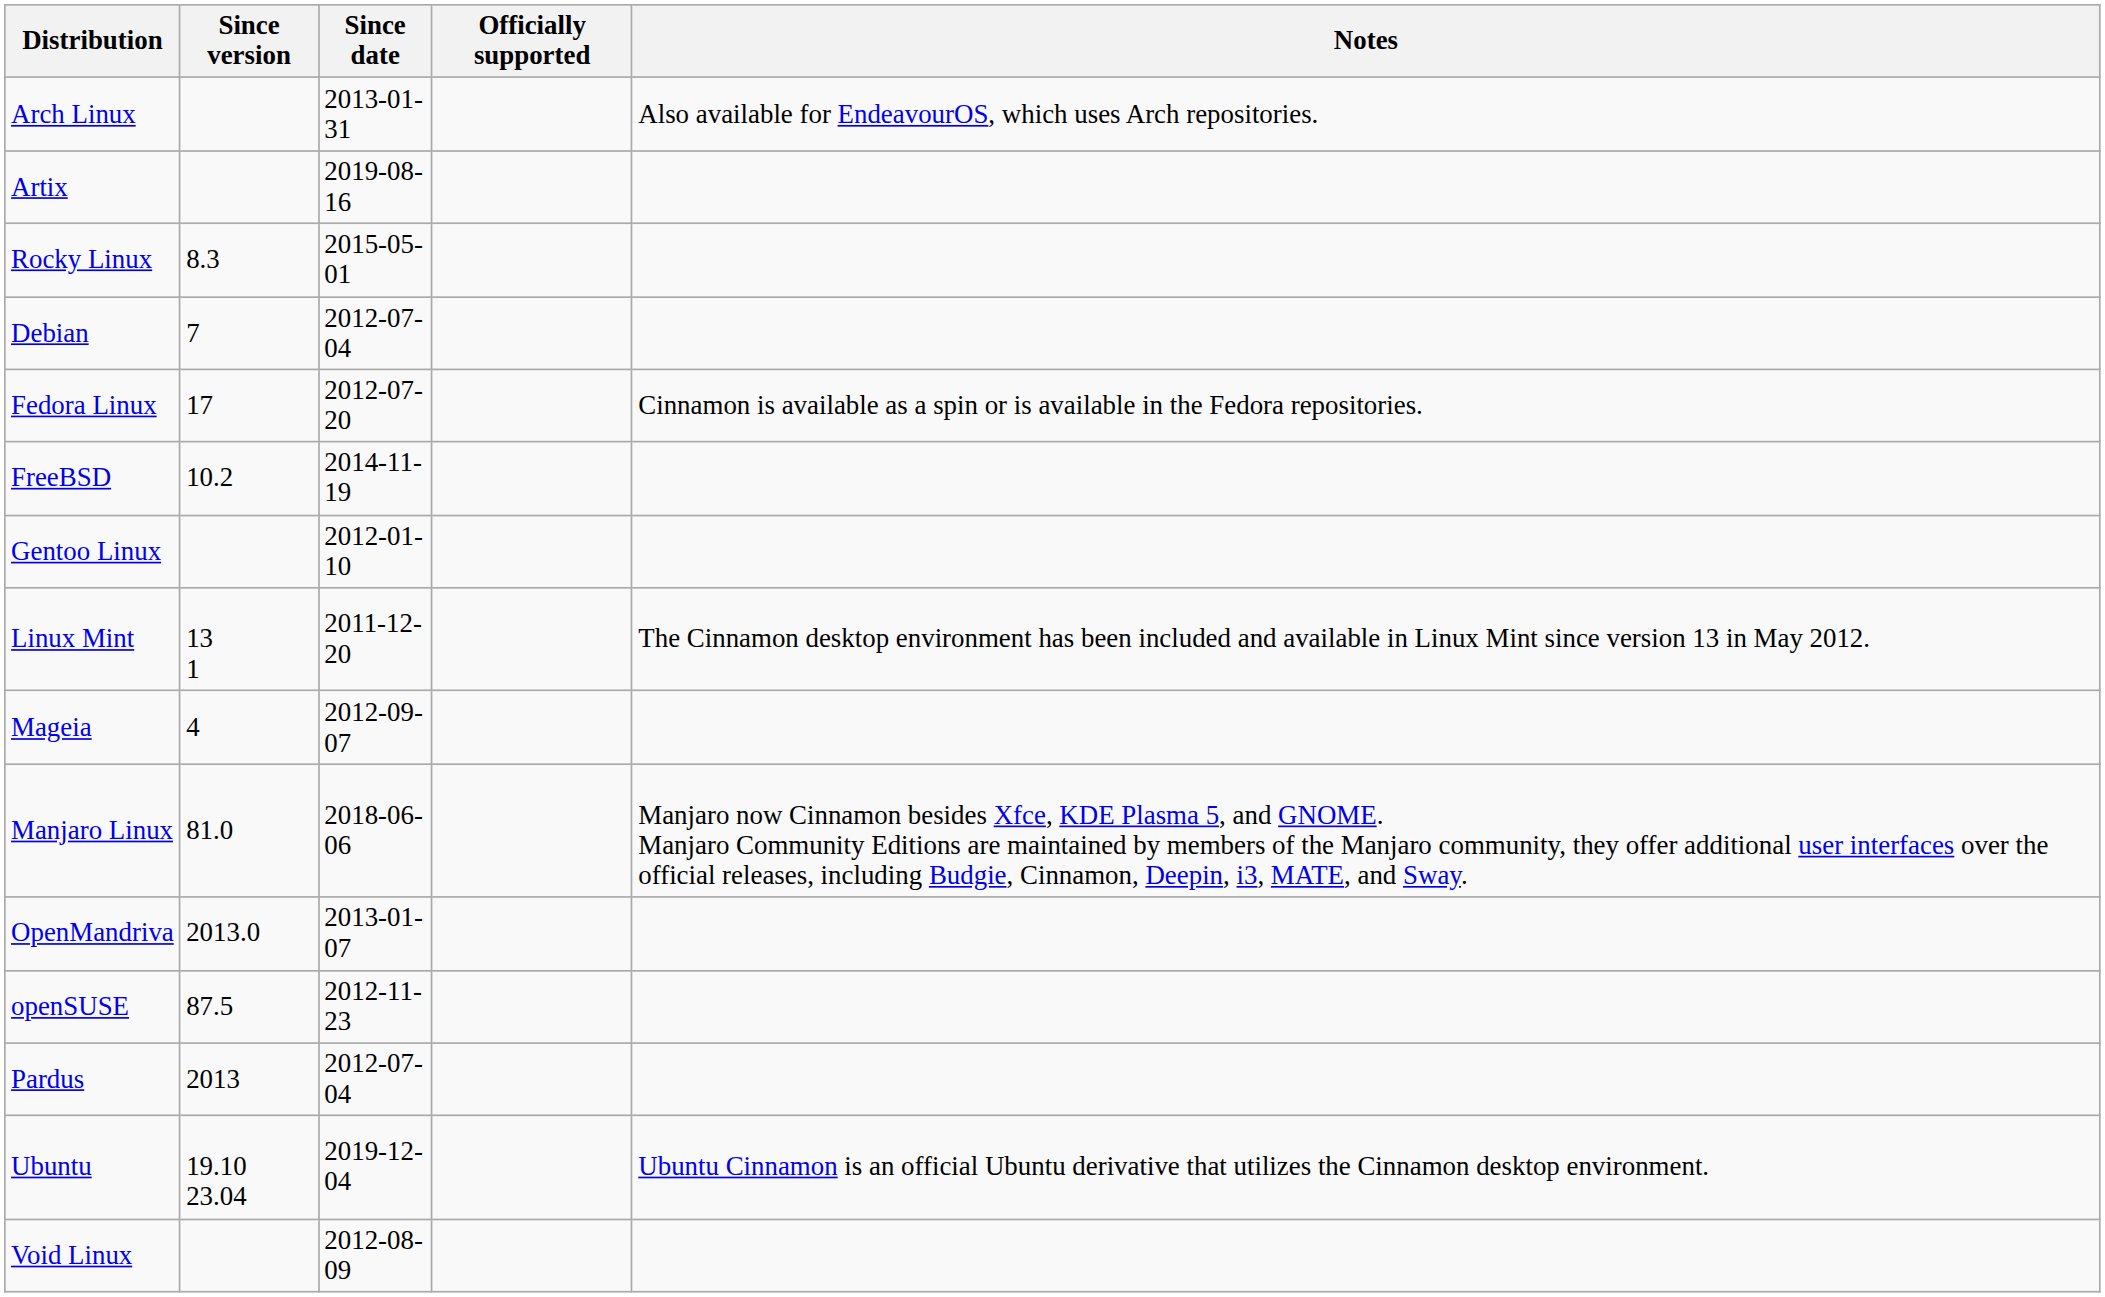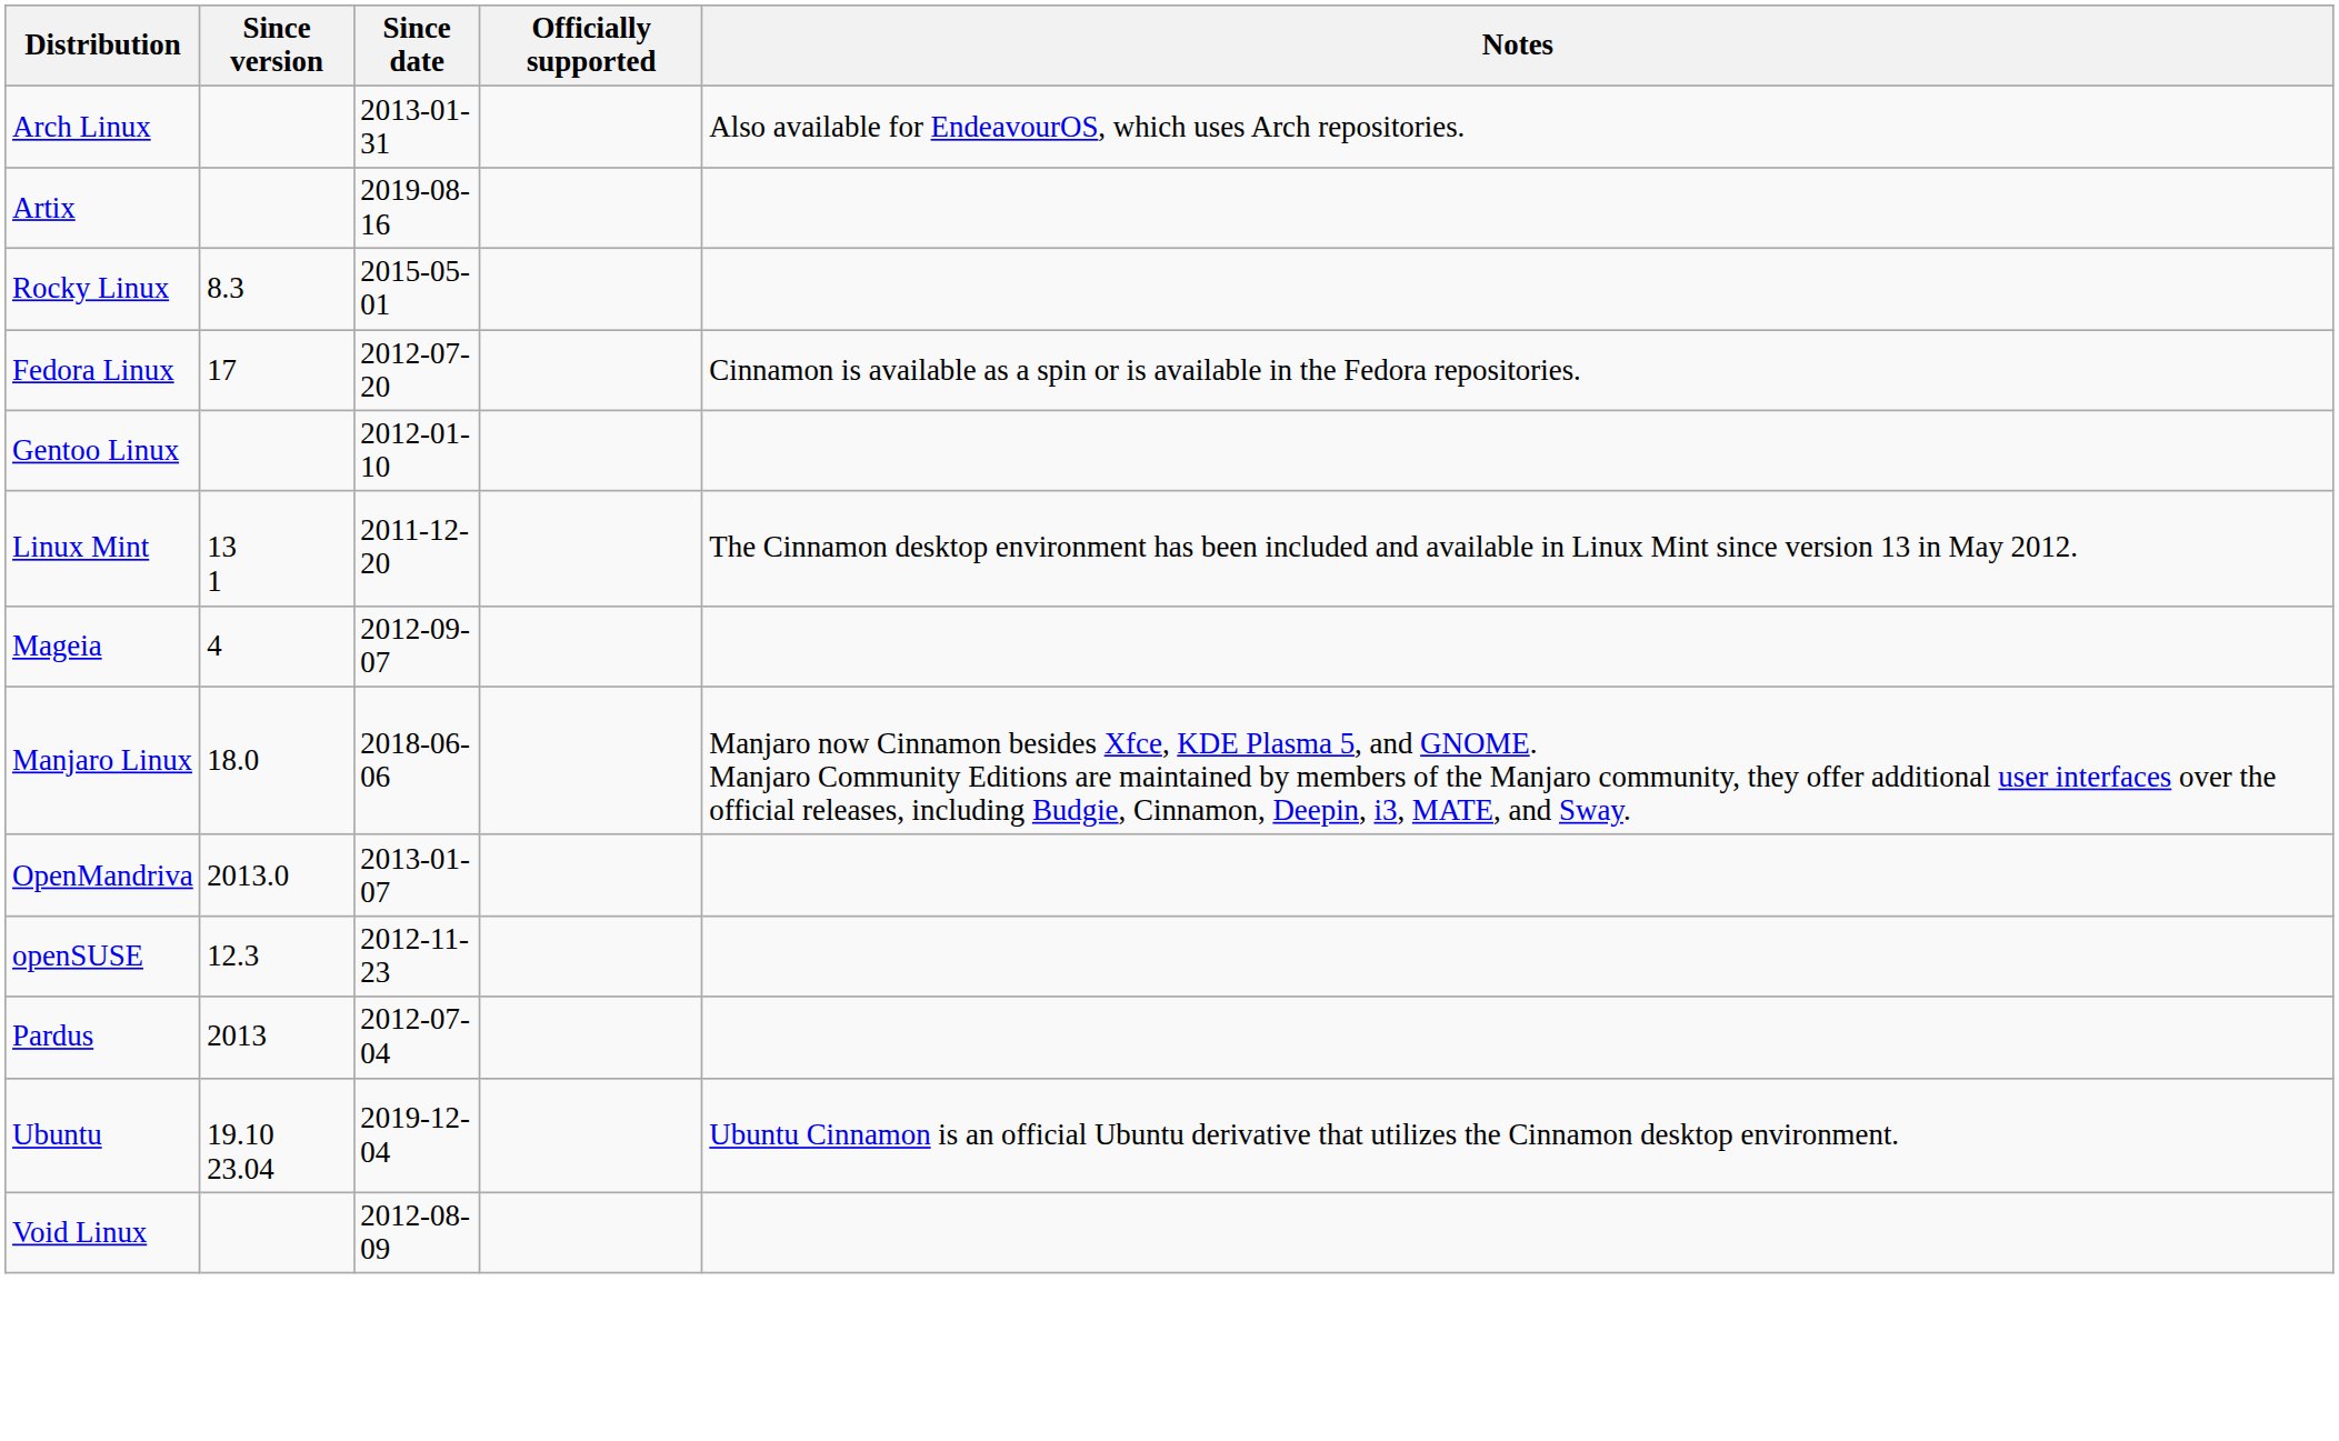 <table class="wikitable sortable">
 <tr>
 <th>Distribution</th>
 <th class="unsortable">Since version</th>
 <th>Since date</th>
 <th>Officially supported</th>
 <th class="unsortable">Notes</th>
 </tr>
 <tr>
 <td><a href='#'>Arch Linux</a></td>
 <td></td>
 <td>2013-01-31</td>
 <td></td>
 <td>Also available for <a href='#'>EndeavourOS</a>, which uses Arch repositories.</td>
 </tr>
 <tr>
 <td><a href='#'>Artix</a></td>
 <td></td>
 <td>2019-08-16</td>
 <td></td>
 <td></td>
 </tr>
 <tr>
 <td><a href='#'>Rocky Linux</a></td>
 <td>8.3</td>
 <td>2015-05-01</td>
 <td></td>
 <td></td>
 </tr>
 <tr>
-<td><a href='#'>Debian</a></td>
-<td>7</td>
-<td>2012-07-04</td>
-<td></td>
-<td></td>
-</tr>
-<tr>
 <td><a href='#'>Fedora Linux</a></td>
 <td>17</td>
 <td>2012-07-20</td>
 <td></td>
 <td>Cinnamon is available as a spin or is available in the Fedora repositories.</td>
-</tr>
-<tr>
-<td><a href='#'>FreeBSD</a></td>
-<td>10.2</td>
-<td>2014-11-19</td>
-<td></td>
-<td></td>
 </tr>
 <tr>
 <td><a href='#'>Gentoo Linux</a></td>
 <td></td>
 <td>2012-01-10</td>
 <td></td>
 <td></td>
 </tr>
 <tr>
 <td><a href='#'>Linux Mint</a></td>
 <td><br>13 <br> 1 </td>
 <td>2011-12-20</td>
 <td></td>
 <td>The Cinnamon desktop environment has been included and available in Linux Mint since version 13 in May 2012.</td>
 </tr>
 <tr>
 <td><a href='#'>Mageia</a></td>
 <td>4</td>
 <td>2012-09-07</td>
 <td></td>
 <td></td>
 </tr>
 <tr>
 <td><a href='#'>Manjaro Linux</a></td>
-<td>81.0</td>
+<td>18.0</td>
 <td>2018-06-06</td>
 <td></td>
 <td><br>Manjaro now  Cinnamon besides <a href='#'>Xfce</a>, <a href='#'>KDE Plasma 5</a>, and <a href='#'>GNOME</a>.<br>Manjaro Community Editions are maintained by members of the Manjaro community, they offer additional <a href='#'>user interfaces</a> over the official releases, including <a href='#'>Budgie</a>, Cinnamon, <a href='#'>Deepin</a>, <a href='#'>i3</a>, <a href='#'>MATE</a>, and <a href='#'>Sway</a>.</td>
 </tr>
 <tr>
 <td><a href='#'>OpenMandriva</a></td>
 <td>2013.0</td>
 <td>2013-01-07</td>
 <td></td>
 <td></td>
 </tr>
 <tr>
 <td><a href='#'>openSUSE</a></td>
-<td>87.5</td>
+<td>12.3</td>
 <td>2012-11-23</td>
 <td></td>
 <td></td>
 </tr>
 <tr>
 <td><a href='#'>Pardus</a></td>
 <td>2013</td>
 <td>2012-07-04</td>
 <td></td>
 <td></td>
 </tr>
 <tr>
 <td><a href='#'>Ubuntu</a></td>
 <td><br>19.10 <br> 23.04 </td>
 <td>2019-12-04 </td>
 <td></td>
 <td><a href='#'>Ubuntu Cinnamon</a> is an official Ubuntu derivative that utilizes the Cinnamon desktop environment.</td>
 </tr>
 <tr>
 <td><a href='#'>Void Linux</a></td>
 <td></td>
 <td>2012-08-09</td>
 <td></td>
 <td></td>
 </tr>
 </table>
